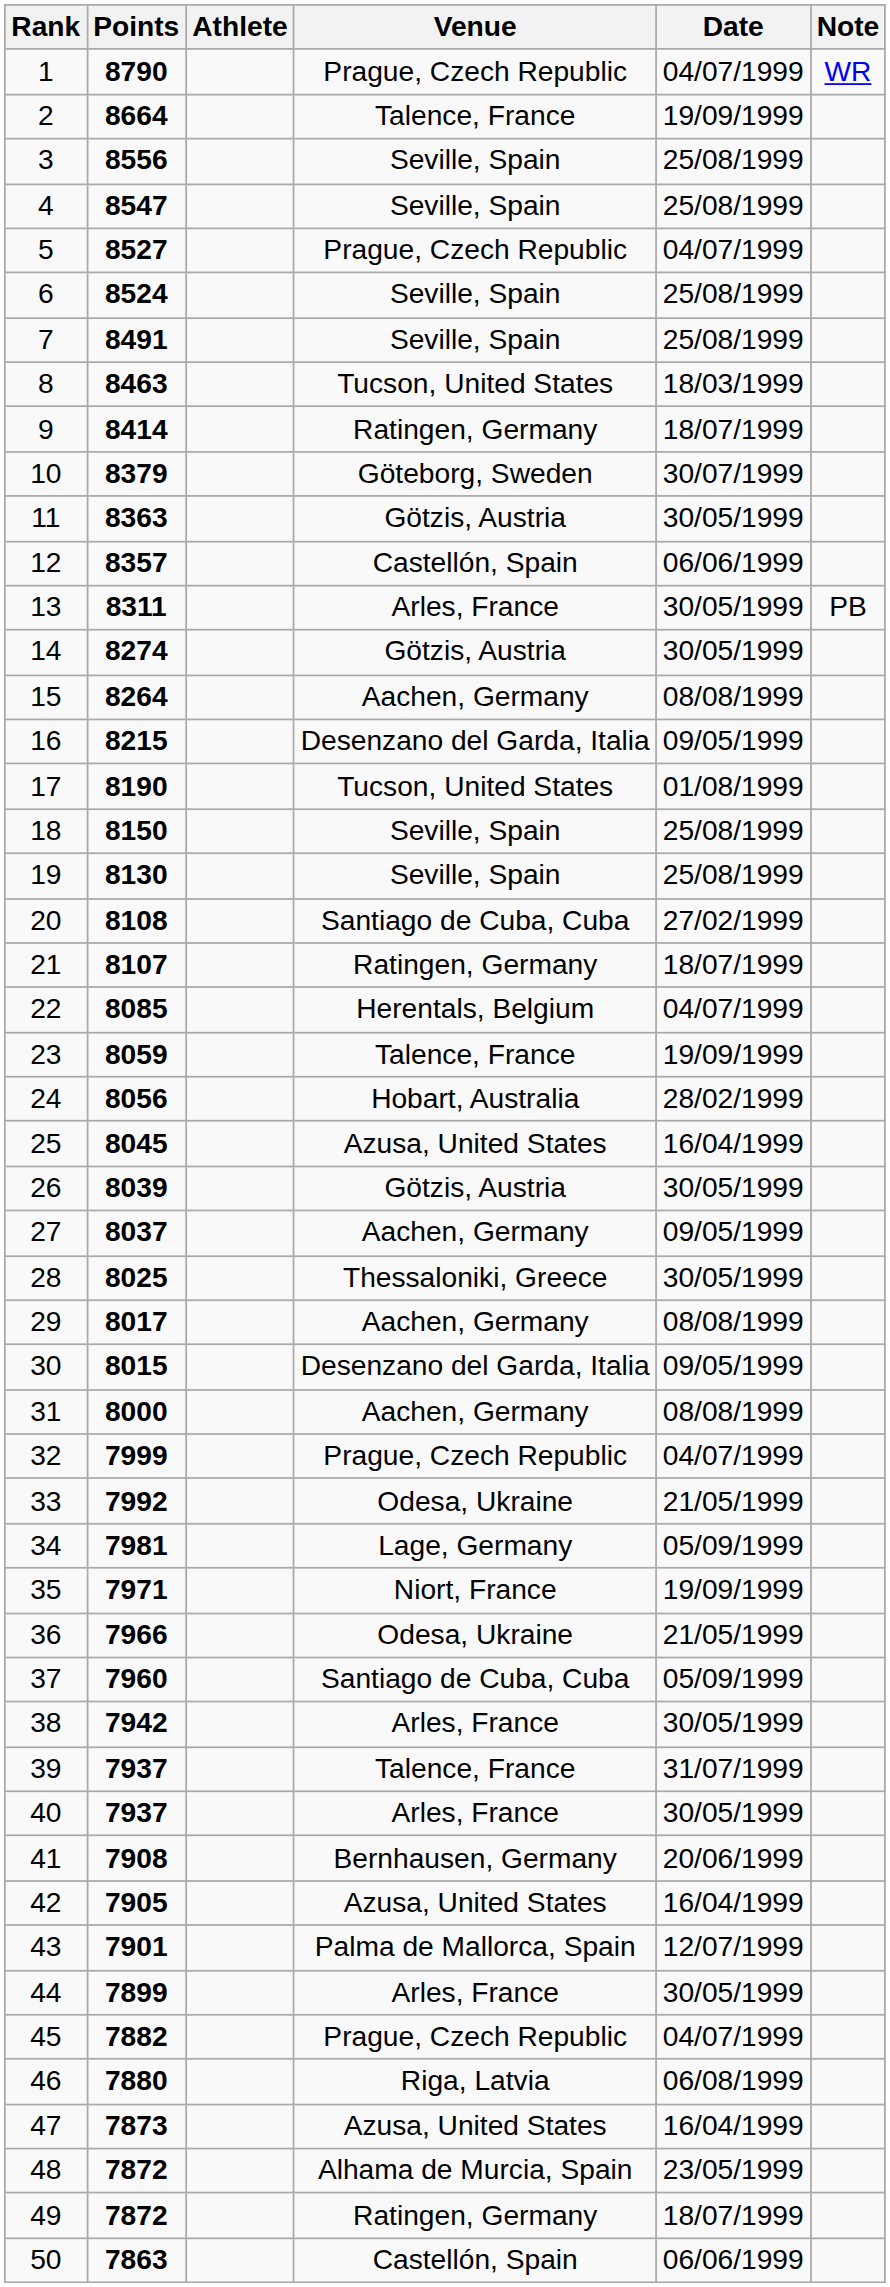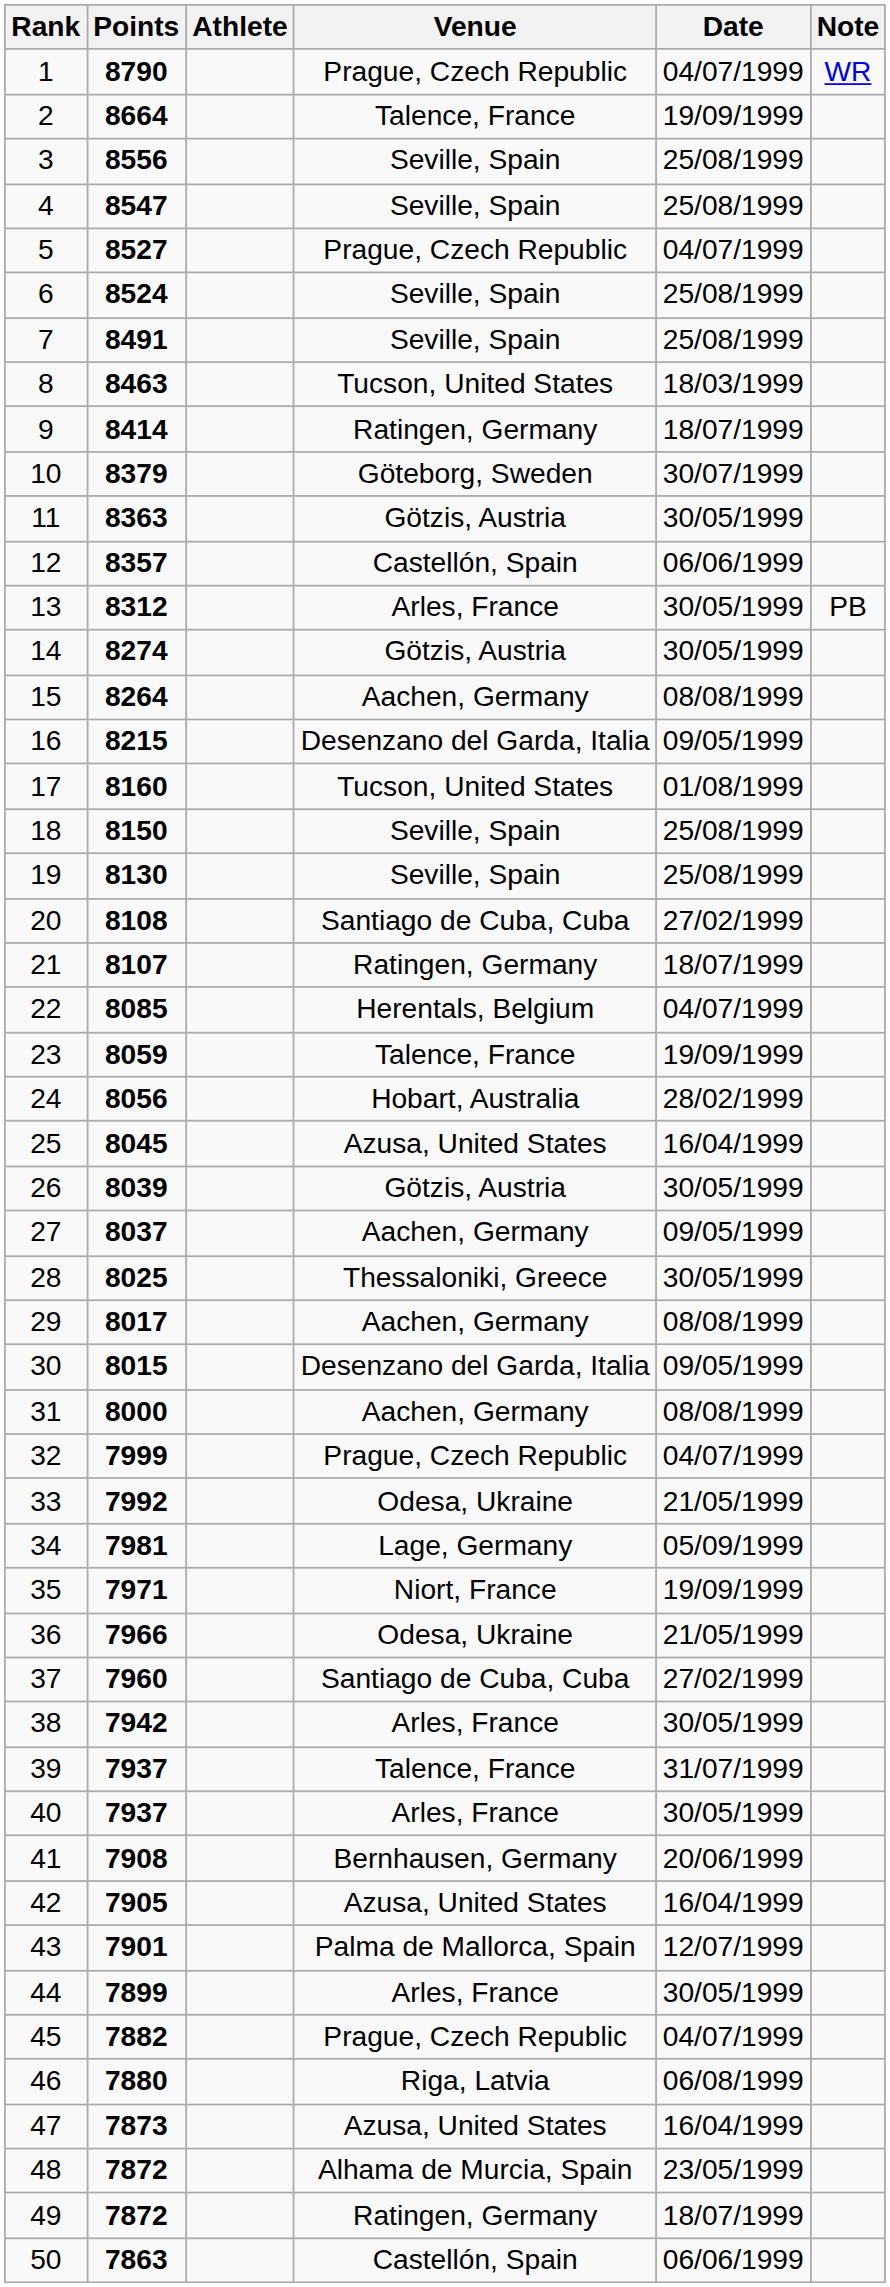 <table class="wikitable" style=" text-align:center;">
 <tr>
 <th>Rank</th>
 <th>Points</th>
 <th>Athlete</th>
 <th>Venue</th>
 <th>Date</th>
 <th>Note</th>
 </tr>
 <tr>
 <td>1</td>
 <td><strong>8790</strong></td>
 <td align=left></td>
 <td>Prague, Czech Republic</td>
 <td>04/07/1999</td>
 <td><a href='#'>WR</a></td>
 </tr>
 <tr>
 <td>2</td>
 <td><strong>8664</strong></td>
 <td align=left></td>
 <td>Talence, France</td>
 <td>19/09/1999</td>
 <td></td>
 </tr>
 <tr>
 <td>3</td>
 <td><strong>8556</strong></td>
 <td align=left></td>
 <td>Seville, Spain</td>
 <td>25/08/1999</td>
 <td></td>
 </tr>
 <tr>
 <td>4</td>
 <td><strong>8547</strong></td>
 <td align=left></td>
 <td>Seville, Spain</td>
 <td>25/08/1999</td>
 <td></td>
 </tr>
 <tr>
 <td>5</td>
 <td><strong>8527</strong></td>
 <td align=left></td>
 <td>Prague, Czech Republic</td>
 <td>04/07/1999</td>
 <td></td>
 </tr>
 <tr>
 <td>6</td>
 <td><strong>8524</strong></td>
 <td align=left></td>
 <td>Seville, Spain</td>
 <td>25/08/1999</td>
 <td></td>
 </tr>
 <tr>
 <td>7</td>
 <td><strong>8491</strong></td>
 <td align=left></td>
 <td>Seville, Spain</td>
 <td>25/08/1999</td>
 <td></td>
 </tr>
 <tr>
 <td>8</td>
 <td><strong>8463</strong></td>
 <td align=left></td>
 <td>Tucson, United States</td>
 <td>18/03/1999</td>
 <td></td>
 </tr>
 <tr>
 <td>9</td>
 <td><strong>8414</strong></td>
 <td align=left></td>
 <td>Ratingen, Germany</td>
 <td>18/07/1999</td>
 <td></td>
 </tr>
 <tr>
 <td>10</td>
 <td><strong>8379</strong></td>
 <td align=left></td>
 <td>Göteborg, Sweden</td>
 <td>30/07/1999</td>
 <td></td>
 </tr>
 <tr>
 <td>11</td>
 <td><strong>8363</strong></td>
 <td align=left></td>
 <td>Götzis, Austria</td>
 <td>30/05/1999</td>
 <td></td>
 </tr>
 <tr>
 <td>12</td>
 <td><strong>8357</strong></td>
 <td align=left></td>
 <td>Castellón, Spain</td>
 <td>06/06/1999</td>
 <td></td>
 </tr>
 <tr>
 <td>13</td>
-<td><strong>8311</strong></td>
+<td><strong>8312</strong></td>
 <td align=left></td>
 <td>Arles, France</td>
 <td>30/05/1999</td>
 <td>PB</td>
 </tr>
 <tr>
 <td>14</td>
 <td><strong>8274</strong></td>
 <td align=left></td>
 <td>Götzis, Austria</td>
 <td>30/05/1999</td>
 <td></td>
 </tr>
 <tr>
 <td>15</td>
 <td><strong>8264</strong></td>
 <td align=left></td>
 <td>Aachen, Germany</td>
 <td>08/08/1999</td>
 <td></td>
 </tr>
 <tr>
 <td>16</td>
 <td><strong>8215</strong></td>
 <td align=left></td>
 <td>Desenzano del Garda, Italia</td>
 <td>09/05/1999</td>
 <td></td>
 </tr>
 <tr>
 <td>17</td>
-<td><strong>8190</strong></td>
+<td><strong>8160</strong></td>
 <td align=left></td>
 <td>Tucson, United States</td>
 <td>01/08/1999</td>
 <td></td>
 </tr>
 <tr>
 <td>18</td>
 <td><strong>8150</strong></td>
 <td align=left></td>
 <td>Seville, Spain</td>
 <td>25/08/1999</td>
 <td></td>
 </tr>
 <tr>
 <td>19</td>
 <td><strong>8130</strong></td>
 <td align=left></td>
 <td>Seville, Spain</td>
 <td>25/08/1999</td>
 <td></td>
 </tr>
 <tr>
 <td>20</td>
 <td><strong>8108</strong></td>
 <td align=left></td>
 <td>Santiago de Cuba, Cuba</td>
 <td>27/02/1999</td>
 <td></td>
 </tr>
 <tr>
 <td>21</td>
 <td><strong>8107</strong></td>
 <td align=left></td>
 <td>Ratingen, Germany</td>
 <td>18/07/1999</td>
 <td></td>
 </tr>
 <tr>
 <td>22</td>
 <td><strong>8085</strong></td>
 <td align=left></td>
 <td>Herentals, Belgium</td>
 <td>04/07/1999</td>
 <td></td>
 </tr>
 <tr>
 <td>23</td>
 <td><strong>8059</strong></td>
 <td align=left></td>
 <td>Talence, France</td>
 <td>19/09/1999</td>
 <td></td>
 </tr>
 <tr>
 <td>24</td>
 <td><strong>8056</strong></td>
 <td align=left></td>
 <td>Hobart, Australia</td>
 <td>28/02/1999</td>
 <td></td>
 </tr>
 <tr>
 <td>25</td>
 <td><strong>8045</strong></td>
 <td align=left></td>
 <td>Azusa, United States</td>
 <td>16/04/1999</td>
 <td></td>
 </tr>
 <tr>
 <td>26</td>
 <td><strong>8039</strong></td>
 <td align=left></td>
 <td>Götzis, Austria</td>
 <td>30/05/1999</td>
 <td></td>
 </tr>
 <tr>
 <td>27</td>
 <td><strong>8037</strong></td>
 <td align=left></td>
 <td>Aachen, Germany</td>
 <td>09/05/1999</td>
 <td></td>
 </tr>
 <tr>
 <td>28</td>
 <td><strong>8025</strong></td>
 <td align=left></td>
 <td>Thessaloniki, Greece</td>
 <td>30/05/1999</td>
 <td></td>
 </tr>
 <tr>
 <td>29</td>
 <td><strong>8017</strong></td>
 <td align=left></td>
 <td>Aachen, Germany</td>
 <td>08/08/1999</td>
 <td></td>
 </tr>
 <tr>
 <td>30</td>
 <td><strong>8015</strong></td>
 <td align=left></td>
 <td>Desenzano del Garda, Italia</td>
 <td>09/05/1999</td>
 <td></td>
 </tr>
 <tr>
 <td>31</td>
 <td><strong>8000</strong></td>
 <td align=left></td>
 <td>Aachen, Germany</td>
 <td>08/08/1999</td>
 <td></td>
 </tr>
 <tr>
 <td>32</td>
 <td><strong>7999</strong></td>
 <td align=left></td>
 <td>Prague, Czech Republic</td>
 <td>04/07/1999</td>
 <td></td>
 </tr>
 <tr>
 <td>33</td>
 <td><strong>7992</strong></td>
 <td align=left></td>
 <td>Odesa, Ukraine</td>
 <td>21/05/1999</td>
 <td></td>
 </tr>
 <tr>
 <td>34</td>
 <td><strong>7981</strong></td>
 <td align=left></td>
 <td>Lage, Germany</td>
 <td>05/09/1999</td>
 <td></td>
 </tr>
 <tr>
 <td>35</td>
 <td><strong>7971</strong></td>
 <td align=left></td>
 <td>Niort, France</td>
 <td>19/09/1999</td>
 <td></td>
 </tr>
 <tr>
 <td>36</td>
 <td><strong>7966</strong></td>
 <td align=left></td>
 <td>Odesa, Ukraine</td>
 <td>21/05/1999</td>
 <td></td>
 </tr>
 <tr>
 <td>37</td>
 <td><strong>7960</strong></td>
 <td align=left></td>
 <td>Santiago de Cuba, Cuba</td>
-<td>05/09/1999</td>
+<td>27/02/1999</td>
 <td></td>
 </tr>
 <tr>
 <td>38</td>
 <td><strong>7942</strong></td>
 <td align=left></td>
 <td>Arles, France</td>
 <td>30/05/1999</td>
 <td></td>
 </tr>
 <tr>
 <td>39</td>
 <td><strong>7937</strong></td>
 <td align=left></td>
 <td>Talence, France</td>
 <td>31/07/1999</td>
 <td></td>
 </tr>
 <tr>
 <td>40</td>
 <td><strong>7937</strong></td>
 <td align=left></td>
 <td>Arles, France</td>
 <td>30/05/1999</td>
 <td></td>
 </tr>
 <tr>
 <td>41</td>
 <td><strong>7908</strong></td>
 <td align=left></td>
 <td>Bernhausen, Germany</td>
 <td>20/06/1999</td>
 <td></td>
 </tr>
 <tr>
 <td>42</td>
 <td><strong>7905</strong></td>
 <td align=left></td>
 <td>Azusa, United States</td>
 <td>16/04/1999</td>
 <td></td>
 </tr>
 <tr>
 <td>43</td>
 <td><strong>7901</strong></td>
 <td align=left></td>
 <td>Palma de Mallorca, Spain</td>
 <td>12/07/1999</td>
 <td></td>
 </tr>
 <tr>
 <td>44</td>
 <td><strong>7899</strong></td>
 <td align=left></td>
 <td>Arles, France</td>
 <td>30/05/1999</td>
 <td></td>
 </tr>
 <tr>
 <td>45</td>
 <td><strong>7882</strong></td>
 <td align=left></td>
 <td>Prague, Czech Republic</td>
 <td>04/07/1999</td>
 <td></td>
 </tr>
 <tr>
 <td>46</td>
 <td><strong>7880</strong></td>
 <td align=left></td>
 <td>Riga, Latvia</td>
 <td>06/08/1999</td>
 <td></td>
 </tr>
 <tr>
 <td>47</td>
 <td><strong>7873</strong></td>
 <td align=left></td>
 <td>Azusa, United States</td>
 <td>16/04/1999</td>
 <td></td>
 </tr>
 <tr>
 <td>48</td>
 <td><strong>7872</strong></td>
 <td align=left></td>
 <td>Alhama de Murcia, Spain</td>
 <td>23/05/1999</td>
 <td></td>
 </tr>
 <tr>
 <td>49</td>
 <td><strong>7872</strong></td>
 <td align=left></td>
 <td>Ratingen, Germany</td>
 <td>18/07/1999</td>
 <td></td>
 </tr>
 <tr>
 <td>50</td>
 <td><strong>7863</strong></td>
 <td align=left></td>
 <td>Castellón, Spain</td>
 <td>06/06/1999</td>
 <td></td>
 </tr>
 </table>
